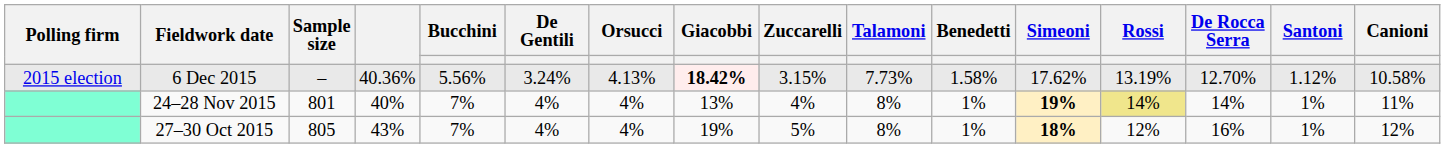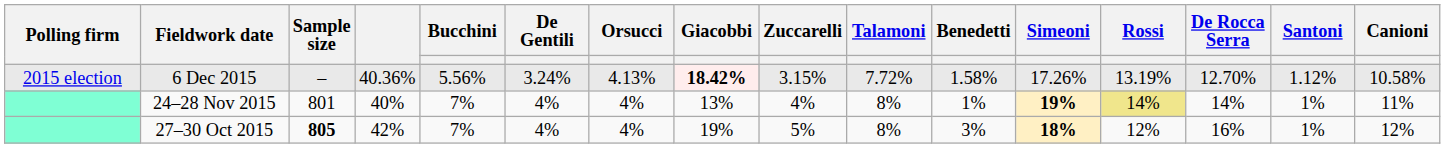 <table class="wikitable sortable" style="text-align:center;font-size:90%;line-height:14px;">
 <tr style="height:40px;">
 <th style="width:100px;" rowspan="2">Polling firm</th>
 <th style="width:110px;" rowspan="2">Fieldwork date</th>
 <th style="width:35px;" rowspan="2">Sample<br>size</th>
 <th style="width:30px;" rowspan="2"></th>
 <th class="unsortable" style="width:60px;">Bucchini<br></th>
 <th class="unsortable" style="width:60px;">De Gentili<br></th>
 <th class="unsortable" style="width:60px;">Orsucci<br></th>
 <th class="unsortable" style="width:60px;">Giacobbi<br></th>
 <th class="unsortable" style="width:60px;">Zuccarelli<br></th>
 <th class="unsortable" style="width:60px;"><a href='#'>Talamoni</a><br></th>
 <th class="unsortable" style="width:60px;">Benedetti<br></th>
 <th class="unsortable" style="width:60px;"><a href='#'>Simeoni</a><br></th>
 <th class="unsortable" style="width:60px;"><a href='#'>Rossi</a><br></th>
 <th class="unsortable" style="width:60px;"><a href='#'>De Rocca Serra</a><br></th>
 <th class="unsortable" style="width:60px;"><a href='#'>Santoni</a><br></th>
 <th class="unsortable" style="width:60px;">Canioni<br></th>
 </tr>
 <tr>
 <th style="background:"></th>
 <th style="background:"></th>
 <th style="background:"></th>
 <th style="background:"></th>
 <th style="background:"></th>
 <th style="background:"></th>
 <th style="background:"></th>
 <th style="background:"></th>
 <th style="background:"></th>
 <th style="background:"></th>
 <th style="background:"></th>
 <th style="background:"></th>
 </tr>
 <tr style="background:#E9E9E9;">
 <td><a href='#'>2015 election</a></td>
 <td data-sort-value="2015-12-06">6 Dec 2015</td>
 <td>–</td>
 <td>40.36%</td>
 <td>5.56%</td>
 <td>3.24%</td>
 <td>4.13%</td>
 <td style="background:#FFEDED;"><strong>18.42%</strong></td>
 <td>3.15%</td>
-<td>7.73%</td>
+<td>7.72%</td>
 <td>1.58%</td>
-<td>17.62%</td>
+<td>17.26%</td>
 <td>13.19%</td>
 <td>12.70%</td>
 <td>1.12%</td>
 <td>10.58%</td>
 </tr>
 <tr>
 <td style="background:aquamarine;"></td>
 <td data-sort-value="2015-11-28">24–28 Nov 2015</td>
 <td>801</td>
 <td>40%</td>
 <td>7%</td>
 <td>4%</td>
 <td>4%</td>
 <td>13%</td>
 <td>4%</td>
 <td>8%</td>
 <td>1%</td>
 <td style="background:#FFF0C4;"><strong>19%</strong></td>
 <td style="background: khaki;">14%</td>
 <td>14%</td>
 <td>1%</td>
 <td>11%</td>
 </tr>
 <tr>
 <td style="background:aquamarine;"></td>
 <td data-sort-value="2015-10-30">27–30 Oct 2015</td>
-<td>805</td>
-<td>43%</td>
+<td><strong>805</strong></td>
+<td>42%</td>
 <td>7%</td>
 <td>4%</td>
 <td>4%</td>
 <td>19%</td>
 <td>5%</td>
 <td>8%</td>
-<td>1%</td>
+<td>3%</td>
 <td style="background:#FFF0C4;"><strong>18%</strong></td>
 <td>12%</td>
 <td>16%</td>
 <td>1%</td>
 <td>12%</td>
 </tr>
 </table>
